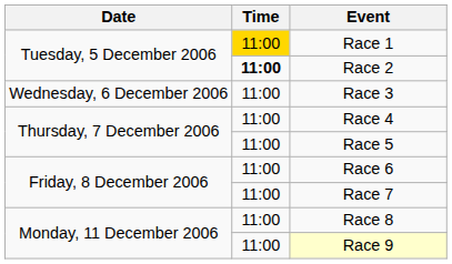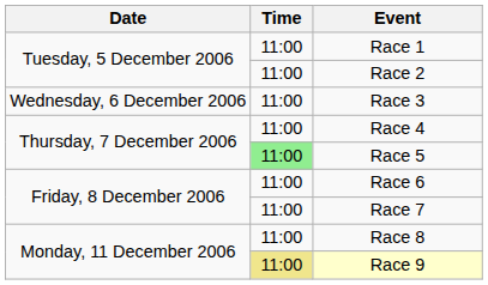 <table class = "wikitable" style="text-align:center;">
 <tr>
 <th width=220>Date</th>
 <th width=50>Time</th>
 <th width=150>Event</th>
 </tr>
 <tr>
 <td rowspan=2>Tuesday, 5 December 2006</td>
-<td style="background: gold;">11:00</td>
+<td>11:00</td>
 <td>Race 1</td>
 </tr>
 <tr>
-<td><strong>11:00</strong></td>
+<td>11:00</td>
 <td>Race 2</td>
 </tr>
 <tr>
 <td>Wednesday, 6 December 2006</td>
 <td>11:00</td>
 <td>Race 3</td>
 </tr>
 <tr>
 <td rowspan=2>Thursday, 7 December 2006</td>
 <td>11:00</td>
 <td>Race 4</td>
 </tr>
 <tr>
-<td>11:00</td>
+<td style="background: lightgreen;">11:00</td>
 <td>Race 5</td>
 </tr>
 <tr>
 <td rowspan=2>Friday, 8 December 2006</td>
 <td>11:00</td>
 <td>Race 6</td>
 </tr>
 <tr>
 <td>11:00</td>
 <td>Race 7</td>
 </tr>
 <tr>
 <td rowspan=2>Monday, 11 December 2006</td>
 <td>11:00</td>
 <td>Race 8</td>
 </tr>
 <tr>
-<td>11:00</td>
+<td style="background: khaki;">11:00</td>
 <td bgcolor=ffffcc>Race 9</td>
 </tr>
 </table>
